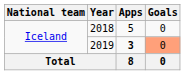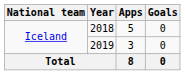 <table class="wikitable" style="text-align:center">
 <tr>
 <th>National team</th>
 <th>Year</th>
 <th>Apps</th>
 <th>Goals</th>
 </tr>
 <tr>
 <td rowspan="2"><a href='#'>Iceland</a></td>
 <td>2018</td>
 <td>5</td>
 <td>0</td>
 </tr>
 <tr>
 <td>2019</td>
-<td><strong>3</strong></td>
-<td style="background: lightsalmon;">0</td>
+<td>3</td>
+<td>0</td>
 </tr>
 <tr>
 <th colspan="2">Total</th>
 <th>8</th>
 <th>0</th>
 </tr>
 </table>
